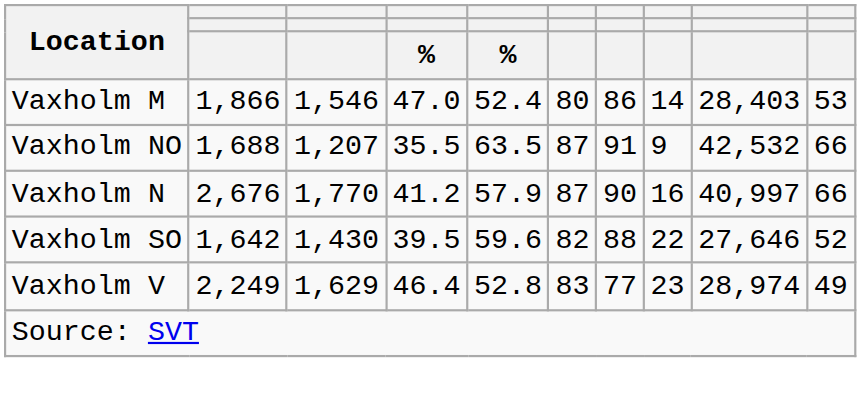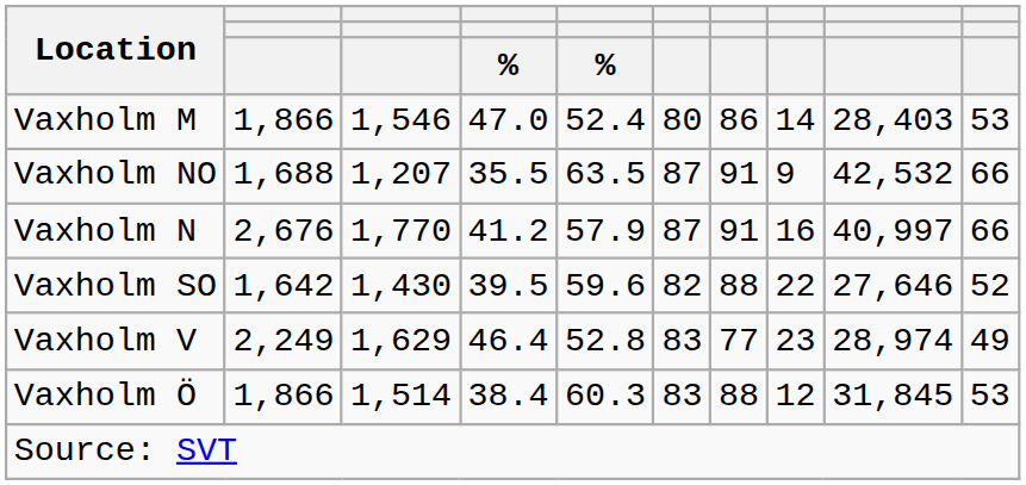 <table role="presentation" class="wikitable sortable mw-collapsible">
 <tr>
 <th rowspan="3">Location</th>
 <th></th>
 <th></th>
 <th></th>
 <th></th>
 <th></th>
 <th></th>
 <th></th>
 <th></th>
 <th></th>
 </tr>
 <tr>
 <th></th>
 <th></th>
 <th style="background:"></th>
 <th style="background:"></th>
 <th></th>
 <th></th>
 <th></th>
 <th></th>
 <th></th>
 </tr>
 <tr>
 <th data-sort-type="number"></th>
 <th data-sort-type="number"></th>
 <th data-sort-type="number">%</th>
 <th data-sort-type="number">%</th>
 <th data-sort-type="number"></th>
 <th data-sort-type="number"></th>
 <th data-sort-type="number"></th>
 <th data-sort-type="number"></th>
 <th data-sort-type="number"></th>
 </tr>
 <tr>
 <td align="left">Vaxholm M</td>
 <td>1,866</td>
 <td>1,546</td>
 <td>47.0</td>
 <td>52.4</td>
 <td>80</td>
 <td>86</td>
 <td>14</td>
 <td>28,403</td>
 <td>53</td>
 </tr>
 <tr>
 <td align="left">Vaxholm NO</td>
 <td>1,688</td>
 <td>1,207</td>
 <td>35.5</td>
 <td>63.5</td>
 <td>87</td>
 <td>91</td>
 <td>9</td>
 <td>42,532</td>
 <td>66</td>
 </tr>
 <tr>
 <td align="left">Vaxholm N</td>
 <td>2,676</td>
 <td>1,770</td>
 <td>41.2</td>
 <td>57.9</td>
 <td>87</td>
-<td>90</td>
+<td>91</td>
 <td>16</td>
 <td>40,997</td>
 <td>66</td>
 </tr>
 <tr>
 <td align="left">Vaxholm SO</td>
 <td>1,642</td>
 <td>1,430</td>
 <td>39.5</td>
 <td>59.6</td>
 <td>82</td>
 <td>88</td>
 <td>22</td>
 <td>27,646</td>
 <td>52</td>
 </tr>
 <tr>
 <td align="left">Vaxholm V</td>
 <td>2,249</td>
 <td>1,629</td>
 <td>46.4</td>
 <td>52.8</td>
 <td>83</td>
 <td>77</td>
 <td>23</td>
 <td>28,974</td>
 <td>49</td>
 </tr>
 <tr>
+<td align="left">Vaxholm Ö</td>
+<td>1,866</td>
+<td>1,514</td>
+<td>38.4</td>
+<td>60.3</td>
+<td>83</td>
+<td>88</td>
+<td>12</td>
+<td>31,845</td>
+<td>53</td>
+</tr>
+<tr>
 <td colspan="10" align="left">Source: <a href='#'>SVT</a></td>
 </tr>
 </table>
